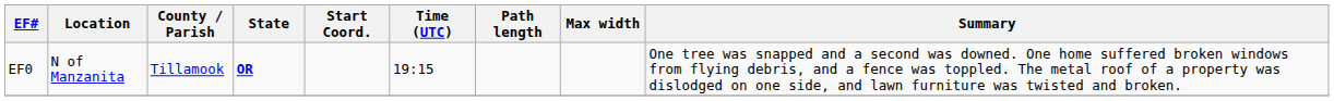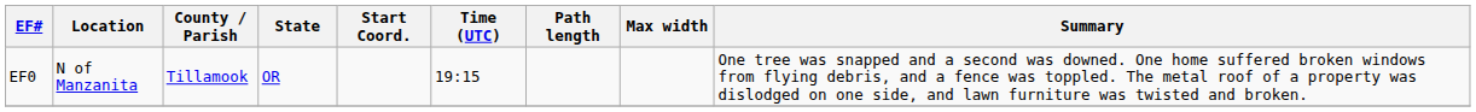 <table class="wikitable sortable" style="width:100%;">
 <tr>
 <th scope="col"  style="width:3%; text-align:center;"><a href='#'>EF#</a></th>
 <th scope="col"  style="width:7%; text-align:center;" class="unsortable">Location</th>
 <th scope="col"  style="width:6%; text-align:center;" class="unsortable">County / Parish</th>
 <th scope="col"  style="width:5%; text-align:center;">State</th>
 <th scope="col"  style="width:6%; text-align:center;">Start Coord.</th>
 <th scope="col"  style="width:6%; text-align:center;">Time (<a href='#'>UTC</a>)</th>
 <th scope="col"  style="width:6%; text-align:center;">Path length</th>
 <th scope="col"  style="width:6%; text-align:center;">Max width</th>
 <th scope="col" class="unsortable" style="width:48%; text-align:center;">Summary</th>
 </tr>
 <tr>
 <td>EF0</td>
 <td>N of <a href='#'>Manzanita</a></td>
 <td><a href='#'>Tillamook</a></td>
-<td><strong><a href='#'>OR</a></strong></td>
+<td><a href='#'>OR</a></td>
 <td></td>
 <td>19:15</td>
 <td></td>
 <td></td>
 <td>One tree was snapped and a second was downed. One home suffered broken windows from flying debris, and a fence was toppled. The metal roof of a property was dislodged on one side, and lawn furniture was twisted and broken.</td>
 </tr>
 <tr>
 </tr>
 </table>
